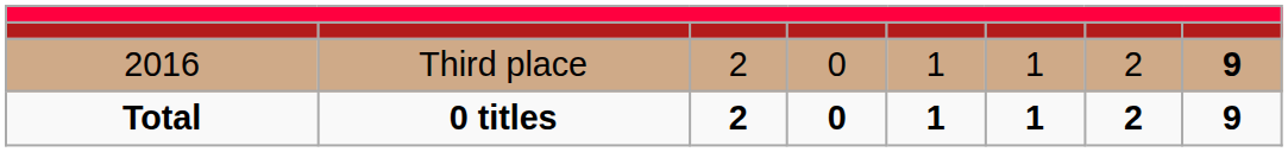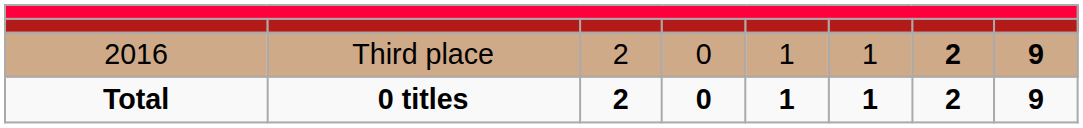 <table class="wikitable" style="text-align: center;font-size:90%;">
 <tr>
 <th style="background:#FF003F;" colspan=11></th>
 </tr>
 <tr>
 <th style="background:#B31B1B;" width=125></th>
 <th style="background:#B31B1B;" width=150></th>
 <th style="background:#B31B1B;" width=35></th>
 <th style="background:#B31B1B;" width=35></th>
 <th style="background:#B31B1B;" width=35></th>
 <th style="background:#B31B1B;" width=35></th>
 <th style="background:#B31B1B;" width=35></th>
 <th style="background:#B31B1B;" width=35></th>
 </tr>
 <tr bgcolor=#CFAA88>
 <td>2016</td>
 <td>Third place</td>
 <td>2</td>
 <td>0</td>
 <td>1</td>
 <td>1</td>
-<td>2</td>
+<td><strong>2</strong></td>
 <td><strong>9</strong></td>
 </tr>
 <tr>
 <td><strong>Total</strong></td>
 <td><strong>0 titles</strong></td>
 <td><strong>2</strong></td>
 <td><strong>0</strong></td>
 <td><strong>1</strong></td>
 <td><strong>1</strong></td>
 <td><strong>2</strong></td>
 <td><strong>9</strong></td>
 </tr>
 </table>
